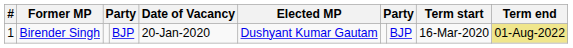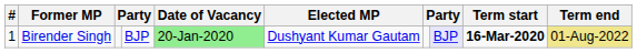 <table class="wikitable sortable">
 <tr>
 <th>#</th>
 <th>Former MP</th>
 <th colspan="2">Party</th>
 <th>Date of Vacancy</th>
 <th>Elected MP</th>
 <th colspan="2">Party</th>
 <th>Term start</th>
 <th>Term end</th>
 </tr>
 <tr>
 <td>1</td>
 <td><a href='#'>Birender Singh</a></td>
 <td width="1px"></td>
 <td><a href='#'>BJP</a></td>
-<td>20-Jan-2020</td>
+<td style="background: lightgreen;">20-Jan-2020</td>
 <td><a href='#'>Dushyant Kumar Gautam</a></td>
 <td width="1px"></td>
-<td><a href='#'>BJP</a></td>
-<td>16-Mar-2020</td>
+<td style="background: lavender;"><a href='#'>BJP</a></td>
+<td><strong>16-Mar-2020</strong></td>
 <td style="background: khaki;">01-Aug-2022</td>
 </tr>
 </table>
